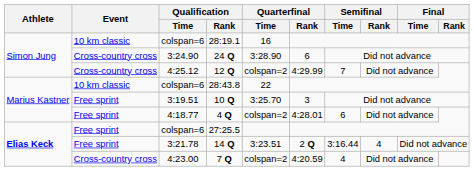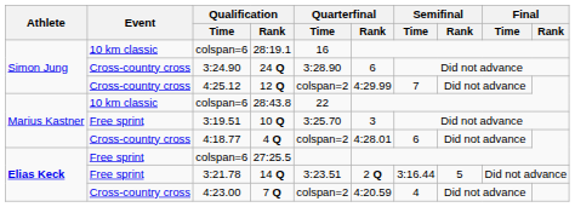 <table class="wikitable" style="font-size:90%">
 <tr>
 <th rowspan="2">Athlete</th>
 <th rowspan="2">Event</th>
 <th colspan="2">Qualification</th>
 <th colspan="2">Quarterfinal</th>
 <th colspan="2">Semifinal</th>
 <th colspan="2">Final</th>
 </tr>
 <tr style="font-size:95%">
 <th>Time</th>
 <th>Rank</th>
 <th>Time</th>
 <th>Rank</th>
 <th>Time</th>
 <th>Rank</th>
 <th>Time</th>
 <th>Rank</th>
 </tr>
 <tr align=center>
 <td align=left rowspan=3><a href='#'>Simon Jung</a></td>
 <td align=left><a href='#'>10 km classic</a></td>
 <td>colspan=6 </td>
 <td>28:19.1</td>
 <td>16</td>
 </tr>
 <tr align=center>
 <td align=left><a href='#'>Cross-country cross</a></td>
 <td>3:24.90</td>
 <td>24 <strong>Q</strong></td>
 <td>3:28.90</td>
 <td>6</td>
 <td colspan=4>Did not advance</td>
 </tr>
 <tr align=center>
 <td align=left><a href='#'>Cross-country cross</a></td>
 <td>4:25.12</td>
 <td>12 <strong>Q</strong></td>
 <td>colspan=2 </td>
 <td>4:29.99</td>
 <td>7</td>
 <td colspan=2>Did not advance</td>
 </tr>
 <tr align=center>
 <td align=left rowspan=3><a href='#'>Marius Kastner</a></td>
 <td align=left><a href='#'>10 km classic</a></td>
 <td>colspan=6 </td>
 <td>28:43.8</td>
 <td>22</td>
 </tr>
 <tr align=center>
 <td align=left><a href='#'>Free sprint</a></td>
 <td>3:19.51</td>
 <td>10 <strong>Q</strong></td>
 <td>3:25.70</td>
 <td>3</td>
 <td colspan=4>Did not advance</td>
 </tr>
 <tr align=center>
-<td align=left><a href='#'>Free sprint</a></td>
+<td align=left><a href='#'>Cross-country cross</a></td>
 <td>4:18.77</td>
 <td>4 <strong>Q</strong></td>
 <td>colspan=2 </td>
 <td>4:28.01</td>
 <td>6</td>
 <td colspan=2>Did not advance</td>
 </tr>
 <tr align=center>
 <td align=left rowspan=3><strong><a href='#'>Elias Keck</a></strong></td>
 <td align=left><a href='#'>Free sprint</a></td>
 <td>colspan=6 </td>
 <td>27:25.5</td>
 <td></td>
 </tr>
 <tr align=center>
 <td align=left><a href='#'>Free sprint</a></td>
 <td>3:21.78</td>
 <td>14 <strong>Q</strong></td>
 <td>3:23.51</td>
 <td>2 <strong>Q</strong></td>
 <td>3:16.44</td>
-<td>4</td>
+<td>5</td>
 <td colspan=2>Did not advance</td>
 </tr>
 <tr align=center>
 <td align=left><a href='#'>Cross-country cross</a></td>
 <td>4:23.00</td>
 <td>7 <strong>Q</strong></td>
 <td>colspan=2 </td>
 <td>4:20.59</td>
 <td>4</td>
 <td colspan=2>Did not advance</td>
 </tr>
 </table>
